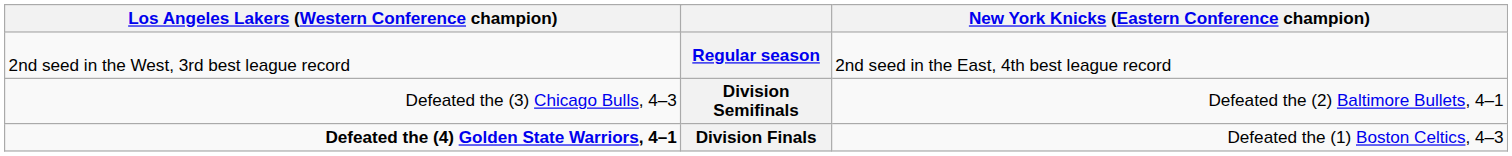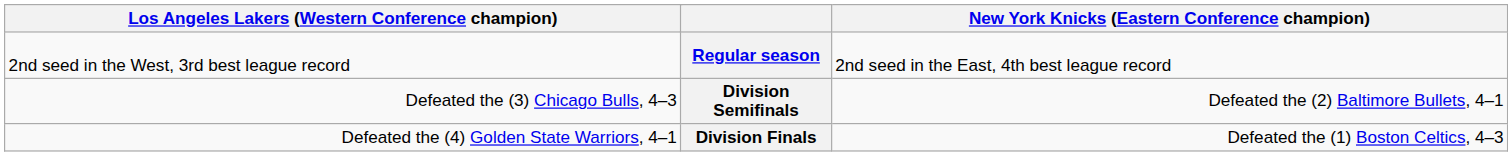 <table style="width:100%; font-size:90%" class="wikitable">
 <tr valign=top>
 <th colspan="2" style="width:45%;"><a href='#'>Los Angeles Lakers</a> (<a href='#'>Western Conference</a> champion)</th>
 <th></th>
 <th colspan="2" style="width:45%;"><a href='#'>New York Knicks</a> (<a href='#'>Eastern Conference</a> champion)</th>
 </tr>
 <tr>
 <td align=left><br>2nd seed in the West, 3rd best league record</td>
 <th colspan=2><a href='#'>Regular season</a></th>
 <td><br>2nd seed in the East, 4th best league record</td>
 </tr>
 <tr>
 <td align=right>Defeated the (3) <a href='#'>Chicago Bulls</a>, 4–3</td>
 <th colspan=2>Division Semifinals</th>
 <td align=right>Defeated the (2) <a href='#'>Baltimore Bullets</a>, 4–1</td>
 </tr>
 <tr>
-<td align=right><strong>Defeated the (4) <a href='#'>Golden State Warriors</a>, 4–1</strong></td>
+<td align=right>Defeated the (4) <a href='#'>Golden State Warriors</a>, 4–1</td>
 <th colspan=2>Division Finals</th>
 <td align=right>Defeated the (1) <a href='#'>Boston Celtics</a>, 4–3</td>
 </tr>
 </table>
